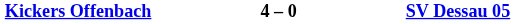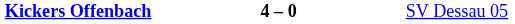 <table width=100% cellspacing=1>
 <tr>
 <th width=25%></th>
 <th width=10%></th>
 <th width=25%></th>
 <th></th>
 </tr>
 <tr style=font-size:90%>
 <td align=right><strong><a href='#'>Kickers Offenbach</a></strong></td>
 <td align=center><strong>4 – 0</strong></td>
-<td><strong><a href='#'>SV Dessau 05</a></strong></td>
+<td><a href='#'>SV Dessau 05</a></td>
 </tr>
 </table>
